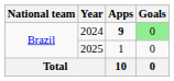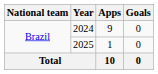 <table class="wikitable" style="text-align:center">
 <tr>
 <th>National team</th>
 <th>Year</th>
 <th>Apps</th>
 <th>Goals</th>
 </tr>
 <tr>
 <td rowspan="2"><a href='#'>Brazil</a></td>
 <td>2024</td>
-<td><strong>9</strong></td>
-<td style="background: lightgreen;">0</td>
+<td>9</td>
+<td>0</td>
 </tr>
 <tr>
 <td>2025</td>
 <td>1</td>
 <td>0</td>
 </tr>
 <tr>
 <th colspan="2">Total</th>
 <th>10</th>
 <th>0</th>
 </tr>
 </table>
